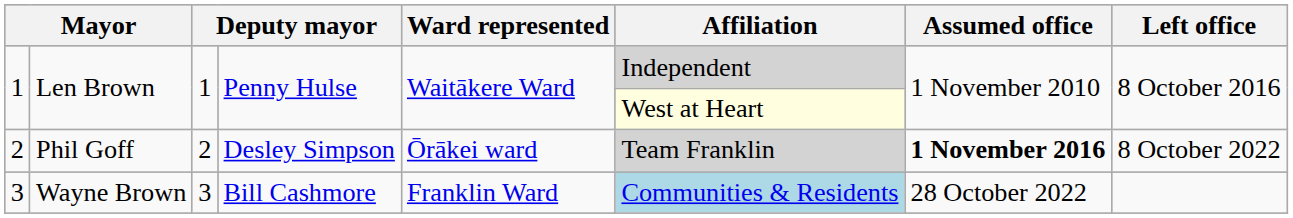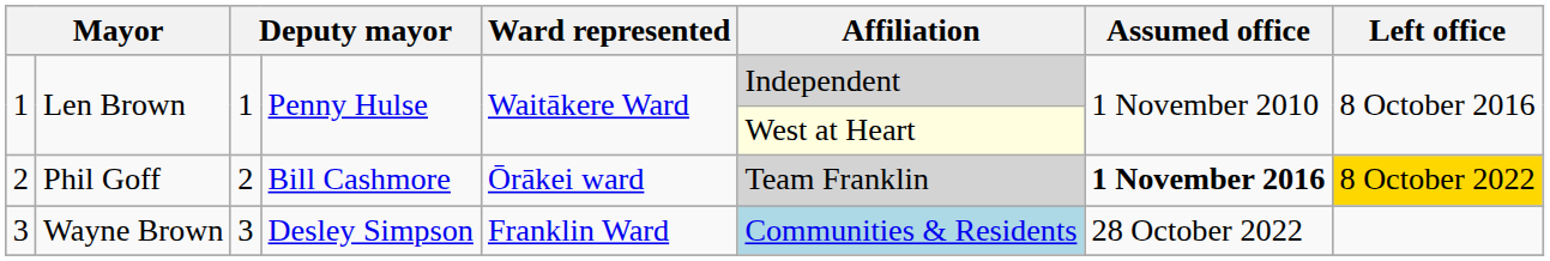 <table class="wikitable sortable">
 <tr>
 <th colspan=2><span>Mayor</span></th>
 <th colspan=2>Deputy mayor</th>
 <th>Ward represented</th>
 <th>Affiliation</th>
 <th>Assumed office</th>
 <th>Left office</th>
 </tr>
 <tr>
 <td rowspan="2"><span>1</span></td>
 <td rowspan="2"><span>Len Brown</span></td>
 <td rowspan="2">1</td>
 <td rowspan="2"><a href='#'>Penny Hulse</a></td>
 <td rowspan="2"><a href='#'>Waitākere Ward</a></td>
 <td bgcolor="lightgrey">Independent</td>
 <td rowspan="2">1 November 2010</td>
 <td rowspan="2">8 October 2016</td>
 </tr>
 <tr>
 <td bgcolor="lightyellow">West at Heart</td>
 </tr>
 <tr>
 <td><span>2</span></td>
 <td><span>Phil Goff</span></td>
 <td>2</td>
-<td><a href='#'>Desley Simpson</a></td>
+<td><a href='#'>Bill Cashmore</a></td>
 <td><a href='#'>Ōrākei ward</a></td>
 <td bgcolor="lightgrey">Team Franklin</td>
 <td><strong>1 November 2016</strong></td>
-<td>8 October 2022</td>
+<td style="background: gold;">8 October 2022</td>
 </tr>
 <tr>
 <td><span>3</span></td>
 <td><span>Wayne Brown</span></td>
 <td>3</td>
-<td><a href='#'>Bill Cashmore</a></td>
+<td><a href='#'>Desley Simpson</a></td>
 <td><a href='#'>Franklin Ward</a></td>
 <td bgcolor="lightblue"><a href='#'>Communities & Residents</a></td>
 <td>28 October 2022</td>
 <td></td>
 </tr>
 </table>
